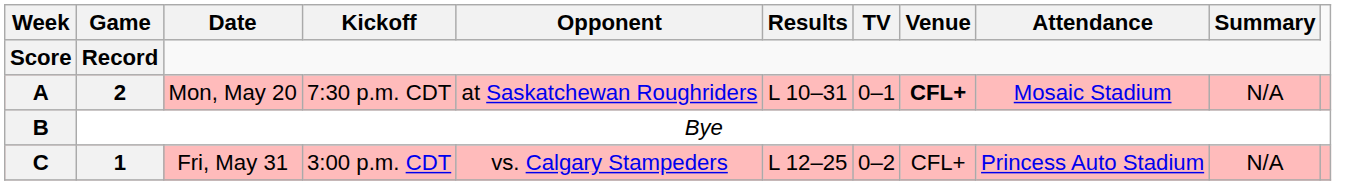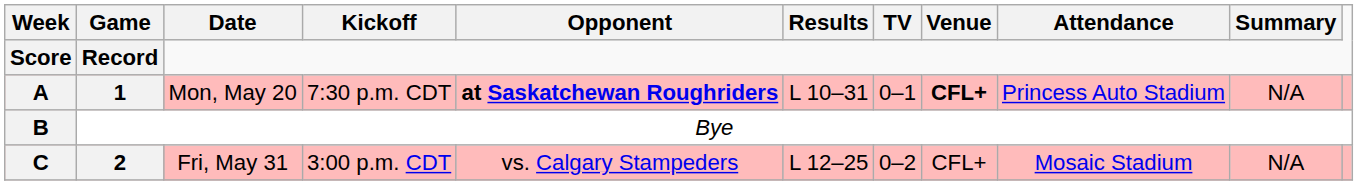 <table class="wikitable" style="font-size: 95%;">
 <tr>
 <th scope="col">Week</th>
 <th scope="col">Game</th>
 <th scope="col">Date</th>
 <th scope="col">Kickoff</th>
 <th scope="col">Opponent</th>
 <th scope="col">Results</th>
 <th scope="col">TV</th>
 <th scope="col">Venue</th>
 <th scope="col">Attendance</th>
 <th scope="col">Summary</th>
 </tr>
 <tr>
 <th scope="col">Score</th>
 <th scope="col">Record</th>
 </tr>
 <tr align="center"= bgcolor="ffbbbb">
 <th align="center"><strong>A</strong></th>
-<th align="center"><strong>2</strong></th>
+<th align="center"><strong>1</strong></th>
 <td align="center">Mon, May 20</td>
 <td align="center">7:30 p.m. CDT</td>
-<td align="center">at <a href='#'>Saskatchewan Roughriders</a></td>
+<td align="center"><strong>at <a href='#'>Saskatchewan Roughriders</a></strong></td>
 <td align="center">L 10–31</td>
 <td align="center">0–1</td>
 <td align="center"><strong>CFL+</strong></td>
-<td align="center"><a href='#'>Mosaic Stadium</a></td>
+<td align="center"><a href='#'>Princess Auto Stadium</a></td>
 <td align="center">N/A</td>
 <td align="center"></td>
 </tr>
 <tr align="center"= bgcolor="ffffff">
 <th align="center"><strong>B</strong></th>
 <td colspan=10 align="center" valign="middle"><em>Bye</em></td>
 </tr>
 <tr align="center"= bgcolor="ffbbbb">
 <th align="center"><strong>C</strong></th>
-<th align="center"><strong>1</strong></th>
+<th align="center"><strong>2</strong></th>
 <td align="center">Fri, May 31</td>
 <td align="center">3:00 p.m. <a href='#'>CDT</a></td>
 <td align="center">vs. <a href='#'>Calgary Stampeders</a></td>
 <td align="center">L 12–25</td>
 <td align="center">0–2</td>
 <td align="center">CFL+</td>
-<td align="center"><a href='#'>Princess Auto Stadium</a></td>
+<td align="center"><a href='#'>Mosaic Stadium</a></td>
 <td align="center">N/A</td>
 <td align="center"></td>
 </tr>
 </table>
